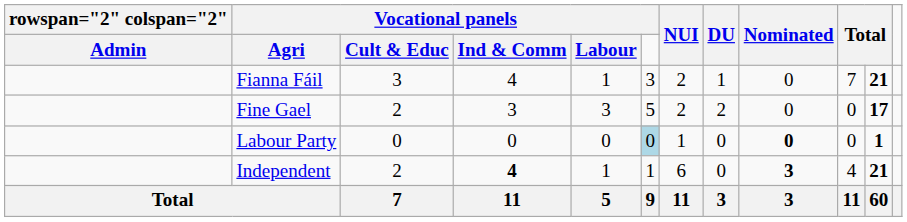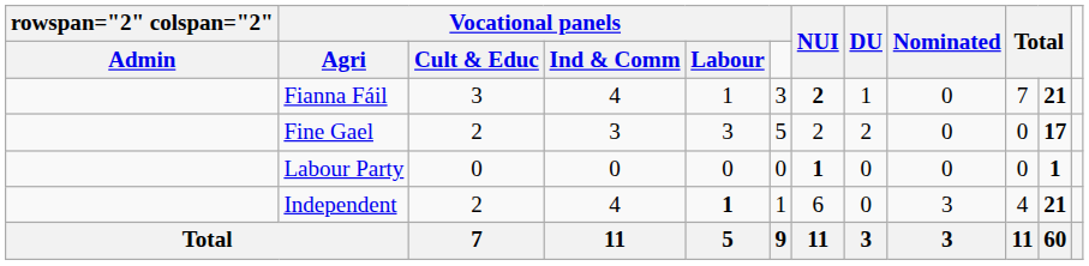 <table class="wikitable">
 <tr>
 <th>rowspan="2" colspan="2" </th>
 <th scope="col" colspan="5"><a href='#'>Vocational panels</a></th>
 <th rowspan="2"><a href='#'>NUI</a></th>
 <th rowspan="2"><a href='#'>DU</a></th>
 <th rowspan="2"><a href='#'>Nominated</a></th>
 <th rowspan="2" colspan="2">Total</th>
 </tr>
 <tr>
 <th scope="col"><a href='#'>Admin</a></th>
 <th scope="col"><a href='#'>Agri</a></th>
 <th scope="col"><a href='#'>Cult & Educ</a></th>
 <th scope="col"><a href='#'>Ind & Comm</a></th>
 <th scope="col"><a href='#'>Labour</a></th>
 </tr>
 <tr style="text-align:center">
 <td style="background-color: "></td>
 <td align="left"><a href='#'>Fianna Fáil</a></td>
 <td>3</td>
 <td>4</td>
 <td>1</td>
 <td>3</td>
-<td>2</td>
+<td><strong>2</strong></td>
 <td>1</td>
 <td>0</td>
 <td>7</td>
 <td><strong>21</strong></td>
 <td style="background-color: "></td>
 </tr>
 <tr style="text-align:center">
 <td style="background-color: "></td>
 <td align="left"><a href='#'>Fine Gael</a></td>
 <td>2</td>
 <td>3</td>
 <td>3</td>
 <td>5</td>
 <td>2</td>
 <td>2</td>
 <td>0</td>
 <td>0</td>
 <td><strong>17</strong></td>
 <td style="background-color: "></td>
 </tr>
 <tr style="text-align:center">
 <td style="background-color: "></td>
 <td align="left"><a href='#'>Labour Party</a></td>
 <td>0</td>
 <td>0</td>
 <td>0</td>
-<td style="background: lightblue;">0</td>
-<td>1</td>
 <td>0</td>
-<td><strong>0</strong></td>
+<td><strong>1</strong></td>
+<td>0</td>
+<td>0</td>
 <td>0</td>
 <td><strong>1</strong></td>
 <td style="background-color: "></td>
 </tr>
 <tr style="text-align:center">
 <td style="background-color: "></td>
 <td align="left"><a href='#'>Independent</a></td>
 <td>2</td>
-<td><strong>4</strong></td>
-<td>1</td>
+<td>4</td>
+<td><strong>1</strong></td>
 <td>1</td>
 <td>6</td>
 <td>0</td>
-<td><strong>3</strong></td>
+<td>3</td>
 <td>4</td>
 <td><strong>21</strong></td>
 <td style="background-color: "></td>
 </tr>
 <tr style="text-align:center">
 <th colspan="2">Total</th>
 <th>7</th>
 <th>11</th>
 <th>5</th>
 <th>9</th>
 <th>11</th>
 <th>3</th>
 <th>3</th>
 <th>11</th>
 <th>60</th>
 <th></th>
 </tr>
 </table>
